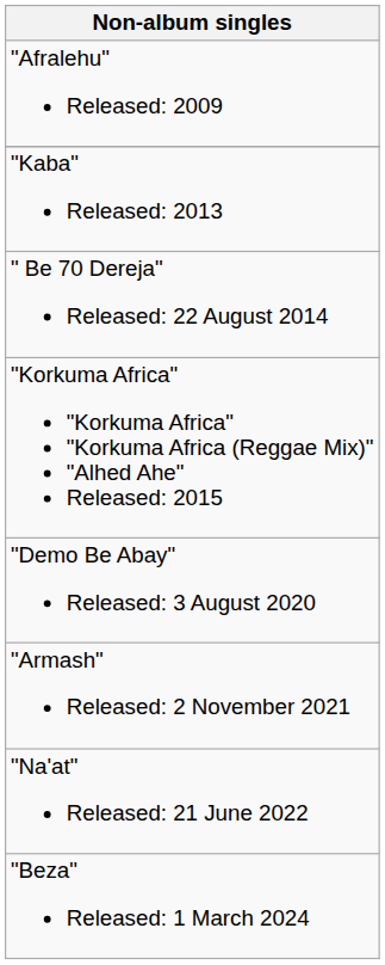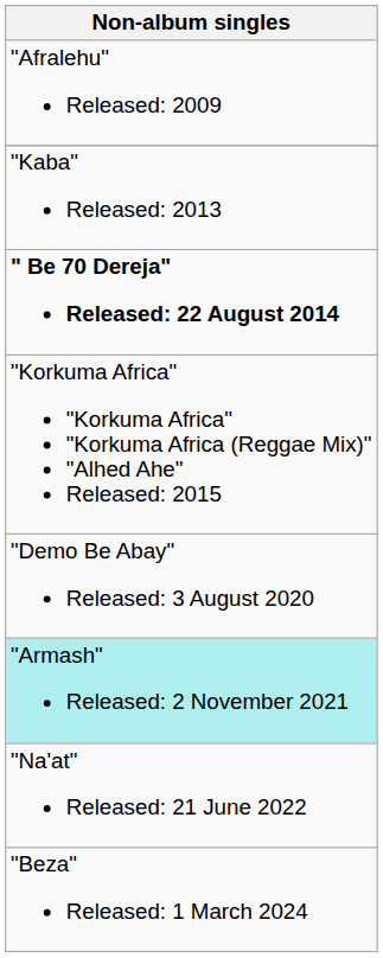 <table class="wikitable">
 <tr>
 <th>Non-album singles</th>
 </tr>
 <tr>
 <td>"Afralehu"<br><ul><li>Released: 2009</li></ul></td>
 </tr>
 <tr>
 </tr>
 <tr>
 <td>"Kaba"<br><ul><li>Released: 2013</li></ul></td>
 </tr>
 <tr>
-<td>" Be 70 Dereja"<br><ul><li>Released: 22 August 2014</li></ul></td>
+<td><strong>" Be 70 Dereja"<br><ul><li>Released: 22 August 2014</li></ul></strong></td>
 </tr>
 <tr>
 <td>"Korkuma Africa"<br><ul><li>"Korkuma Africa"</li><li>"Korkuma Africa (Reggae Mix)"</li><li>"Alhed Ahe"</li><li>Released: 2015</li></ul></td>
 </tr>
 <tr>
 <td>"Demo Be Abay"<br><ul><li>Released: 3 August 2020</li></ul></td>
 </tr>
 <tr>
-<td>"Armash"<br><ul><li>Released: 2 November 2021</li></ul></td>
+<td style="background: paleturquoise;">"Armash"<br><ul><li>Released: 2 November 2021</li></ul></td>
 </tr>
 <tr>
 <td>"Na'at"<br><ul><li>Released: 21 June 2022</li></ul></td>
 </tr>
 <tr>
 <td>"Beza"<br><ul><li>Released: 1 March 2024</li></ul></td>
 </tr>
 </table>
